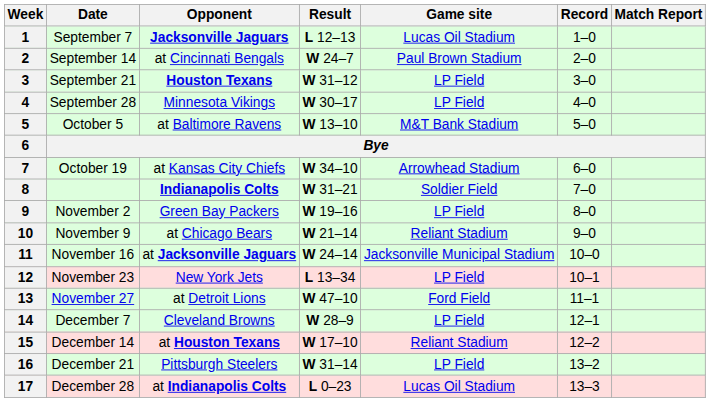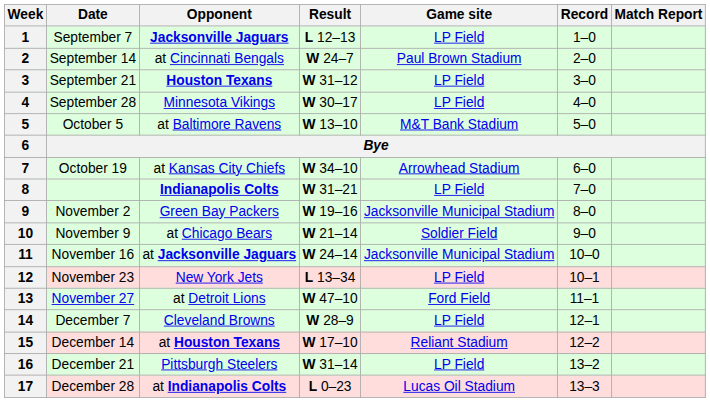 <table class="wikitable" style="text-align:center">
 <tr>
 <th>Week</th>
 <th>Date</th>
 <th>Opponent</th>
 <th>Result</th>
 <th>Game site</th>
 <th>Record</th>
 <th>Match Report</th>
 </tr>
 <tr style="background:#ddffdd;">
 <th>1</th>
 <td>September 7</td>
 <td><strong><a href='#'>Jacksonville Jaguars</a></strong></td>
 <td><strong>L</strong> 12–13</td>
-<td><a href='#'>Lucas Oil Stadium</a></td>
+<td><a href='#'>LP Field</a></td>
 <td align=center>1–0</td>
 <td align=center colspan="1"></td>
 </tr>
 <tr style="background:#ddffdd;">
 <th>2</th>
 <td>September 14</td>
 <td>at <a href='#'>Cincinnati Bengals</a></td>
 <td><strong>W</strong> 24–7</td>
 <td><a href='#'>Paul Brown Stadium</a></td>
 <td align=center>2–0</td>
 <td align=center colspan="1"></td>
 </tr>
 <tr style="background:#ddffdd;">
 <th>3</th>
 <td>September 21</td>
 <td><strong><a href='#'>Houston Texans</a></strong></td>
 <td><strong>W</strong> 31–12</td>
 <td><a href='#'>LP Field</a></td>
 <td align=center>3–0</td>
 <td align=center colspan="1"></td>
 </tr>
 <tr style="background:#ddffdd;">
 <th>4</th>
 <td>September 28</td>
 <td><a href='#'>Minnesota Vikings</a></td>
 <td><strong>W</strong> 30–17</td>
 <td><a href='#'>LP Field</a></td>
 <td align=center>4–0</td>
 <td align=center colspan="1"></td>
 </tr>
 <tr style="background:#ddffdd;">
 <th>5</th>
 <td>October 5</td>
 <td>at <a href='#'>Baltimore Ravens</a></td>
 <td><strong>W</strong> 13–10</td>
 <td><a href='#'>M&T Bank Stadium</a></td>
 <td align=center>5–0</td>
 <td align=center colspan="1"></td>
 </tr>
 <tr>
 <th>6</th>
 <th colSpan=6><em>Bye</em></th>
 </tr>
 <tr style="background:#ddffdd;">
 <th>7</th>
 <td>October 19</td>
 <td>at <a href='#'>Kansas City Chiefs</a></td>
 <td><strong>W</strong> 34–10</td>
 <td><a href='#'>Arrowhead Stadium</a></td>
 <td align=center>6–0</td>
 <td align=center colspan="1"></td>
 </tr>
 <tr style="background:#ddffdd;">
 <th>8</th>
 <td></td>
 <td><strong><a href='#'>Indianapolis Colts</a></strong></td>
 <td><strong>W</strong> 31–21</td>
-<td><a href='#'>Soldier Field</a></td>
+<td><a href='#'>LP Field</a></td>
 <td align=center>7–0</td>
 <td align=center colspan="1"></td>
 </tr>
 <tr style="background:#ddffdd;">
 <th>9</th>
 <td>November 2</td>
 <td><a href='#'>Green Bay Packers</a></td>
 <td><strong>W</strong> 19–16 </td>
-<td><a href='#'>LP Field</a></td>
+<td><a href='#'>Jacksonville Municipal Stadium</a></td>
 <td align=center>8–0</td>
 <td align=center colspan="1"></td>
 </tr>
 <tr style="background:#ddffdd;">
 <th>10</th>
 <td>November 9</td>
 <td>at <a href='#'>Chicago Bears</a></td>
 <td><strong>W</strong> 21–14</td>
-<td><a href='#'>Reliant Stadium</a></td>
+<td><a href='#'>Soldier Field</a></td>
 <td align=center>9–0</td>
 <td align=center colspan="1"></td>
 </tr>
 <tr style="background:#ddffdd;">
 <th>11</th>
 <td>November 16</td>
 <td>at <strong><a href='#'>Jacksonville Jaguars</a></strong></td>
 <td><strong>W</strong> 24–14</td>
 <td><a href='#'>Jacksonville Municipal Stadium</a></td>
 <td align=center>10–0</td>
 <td align=center colspan="1"></td>
 </tr>
 <tr style="background:#ffdddd;">
 <th>12</th>
 <td>November 23</td>
 <td><a href='#'>New York Jets</a></td>
 <td><strong>L</strong> 13–34</td>
 <td><a href='#'>LP Field</a></td>
 <td align=center>10–1</td>
 <td align=center colspan="1"></td>
 </tr>
 <tr style="background:#ddffdd;">
 <th>13</th>
 <td><a href='#'>November 27</a></td>
 <td>at <a href='#'>Detroit Lions</a></td>
 <td><strong>W</strong> 47–10</td>
 <td><a href='#'>Ford Field</a></td>
 <td align=center>11–1</td>
 <td align=center colspan="1"></td>
 </tr>
 <tr style="background:#ddffdd;">
 <th>14</th>
 <td>December 7</td>
 <td><a href='#'>Cleveland Browns</a></td>
 <td><strong>W</strong> 28–9</td>
 <td><a href='#'>LP Field</a></td>
 <td align=center>12–1</td>
 <td align=center colspan="1"></td>
 </tr>
 <tr style="background:#ffdddd;">
 <th>15</th>
 <td>December 14</td>
 <td>at <strong><a href='#'>Houston Texans</a></strong></td>
 <td><strong>W</strong> 17–10</td>
 <td><a href='#'>Reliant Stadium</a></td>
 <td align=center>12–2</td>
 <td align=center colspan="1"></td>
 </tr>
 <tr style="background:#ddffdd;">
 <th>16</th>
 <td>December 21</td>
 <td><a href='#'>Pittsburgh Steelers</a></td>
 <td><strong>W</strong> 31–14</td>
 <td><a href='#'>LP Field</a></td>
 <td align=center>13–2</td>
 <td align=center colspan="1"></td>
 </tr>
 <tr style="background:#ffdddd;">
 <th>17</th>
 <td>December 28</td>
 <td>at <strong><a href='#'>Indianapolis Colts</a></strong></td>
 <td><strong>L</strong> 0–23</td>
 <td><a href='#'>Lucas Oil Stadium</a></td>
 <td align=center>13–3</td>
 <td align=center colspan="1"></td>
 </tr>
 </table>
